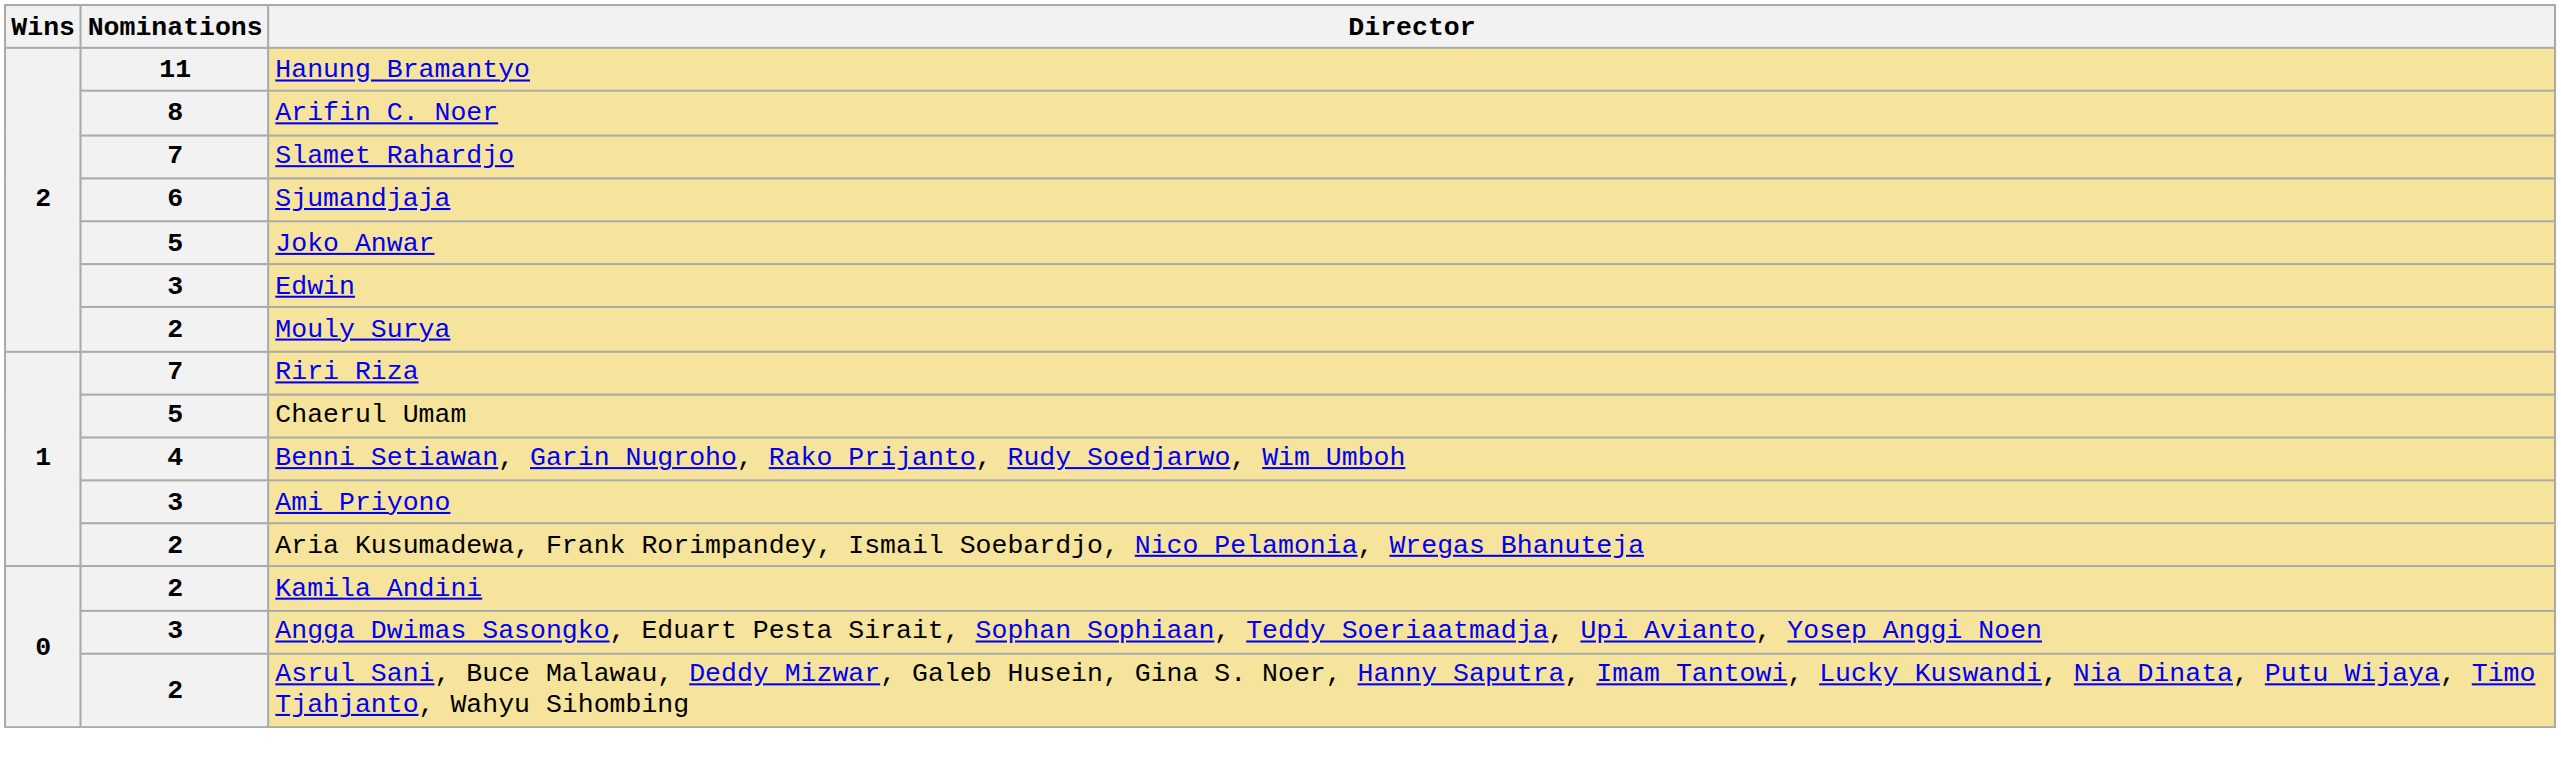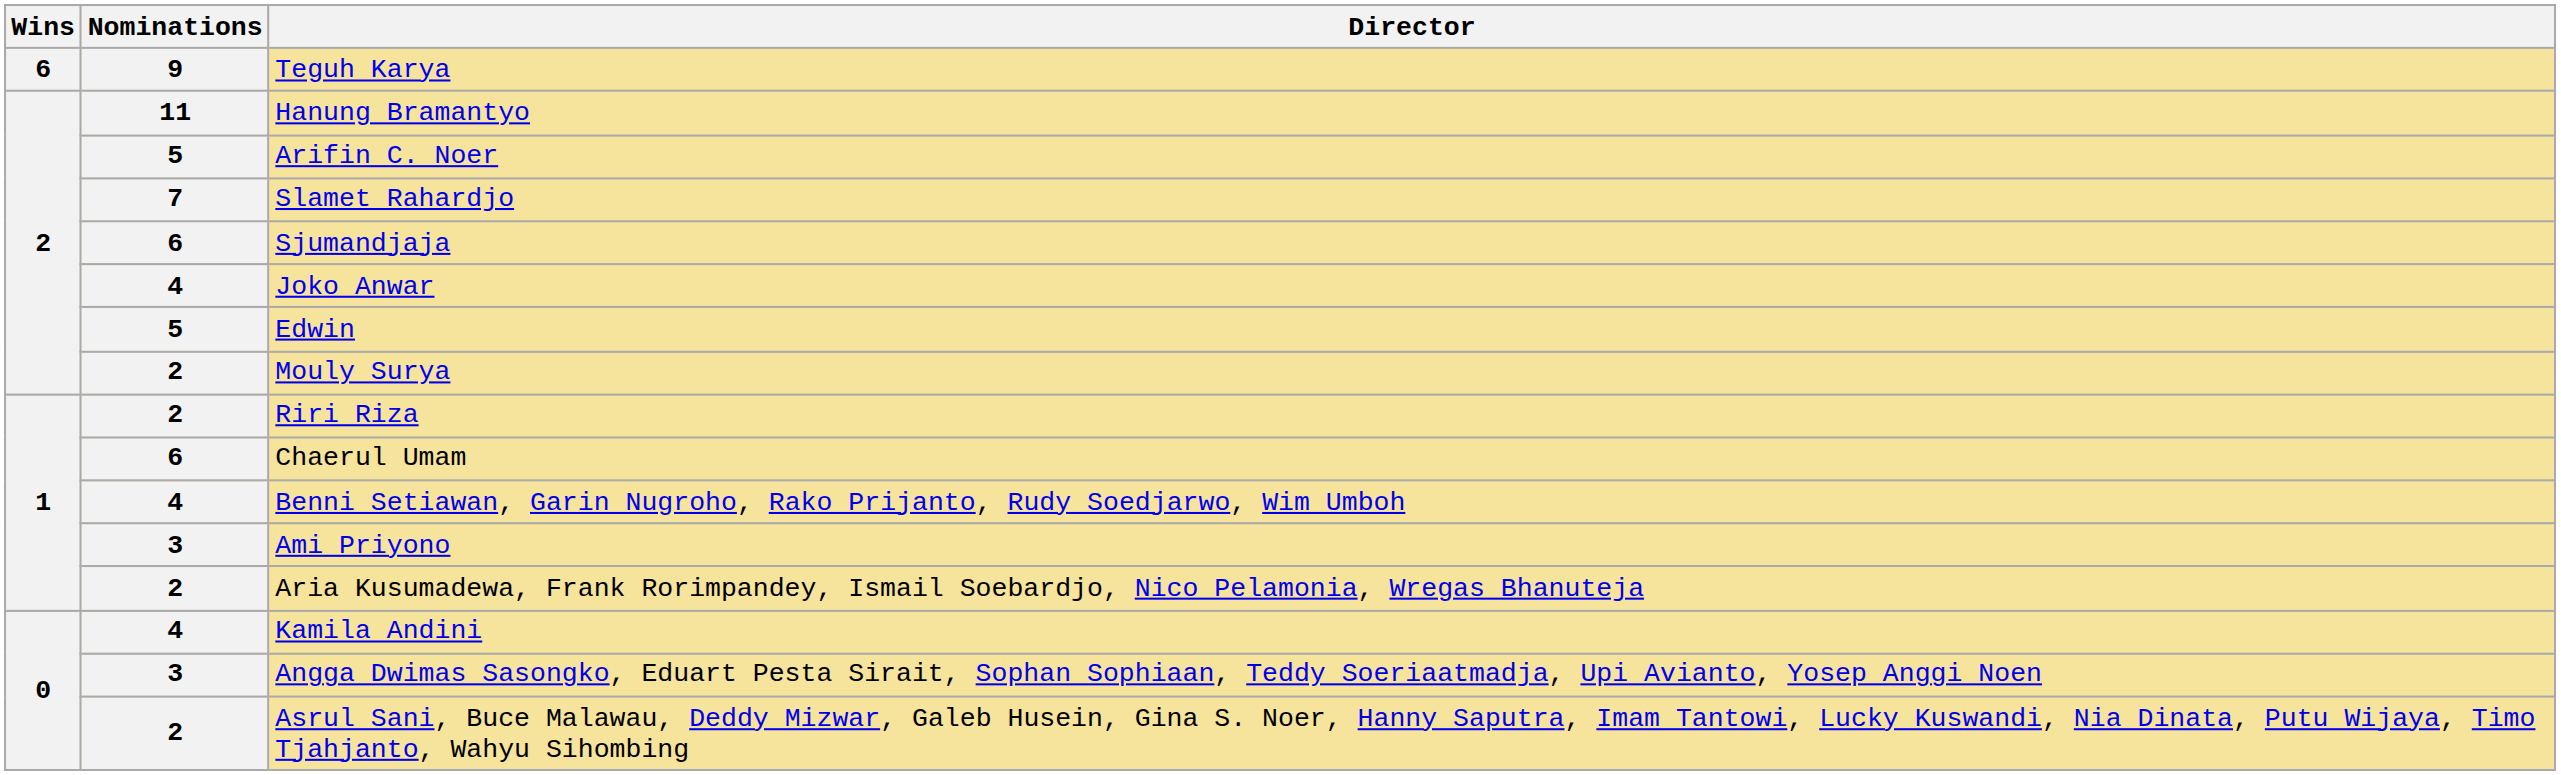 <table class="wikitable" style="text-align: left; border:1; rowspan:2; background: #f6e39c">
 <tr>
 <th>Wins</th>
 <th scope="col" width="55">Nominations</th>
 <th>Director</th>
 </tr>
 <tr>
+<th>6</th>
+<th scope="row" style="text-align:center;">9</th>
+<td><a href='#'>Teguh Karya</a></td>
+</tr>
+<tr>
 <th rowspan="7">2</th>
 <th>11</th>
 <td><a href='#'>Hanung Bramantyo</a></td>
 </tr>
 <tr>
-<th scope="row" style="text-align:center;">8</th>
+<th scope="row" style="text-align:center;">5</th>
 <td><a href='#'>Arifin C. Noer</a></td>
 </tr>
 <tr>
 <th>7</th>
 <td><a href='#'>Slamet Rahardjo</a></td>
 </tr>
 <tr>
 <th>6</th>
 <td><a href='#'>Sjumandjaja</a></td>
 </tr>
 <tr>
-<th>5</th>
+<th>4</th>
 <td><a href='#'>Joko Anwar</a></td>
 </tr>
 <tr>
-<th>3</th>
+<th>5</th>
 <td><a href='#'>Edwin</a></td>
 </tr>
 <tr>
 <th>2</th>
 <td><a href='#'>Mouly Surya</a></td>
 </tr>
 <tr>
 <th rowspan="5">1</th>
-<th>7</th>
+<th>2</th>
 <td><a href='#'>Riri Riza</a></td>
 </tr>
 <tr>
-<th>5</th>
+<th>6</th>
 <td>Chaerul Umam</td>
 </tr>
 <tr>
 <th>4</th>
 <td><a href='#'>Benni Setiawan</a>, <a href='#'>Garin Nugroho</a>, <a href='#'>Rako Prijanto</a>, <a href='#'>Rudy Soedjarwo</a>, <a href='#'>Wim Umboh</a></td>
 </tr>
 <tr>
 <th>3</th>
 <td><a href='#'>Ami Priyono</a></td>
 </tr>
 <tr>
 <th>2</th>
 <td>Aria Kusumadewa, Frank Rorimpandey, Ismail Soebardjo, <a href='#'>Nico Pelamonia</a>, <a href='#'>Wregas Bhanuteja</a></td>
 </tr>
 <tr>
 <th rowspan="3">0</th>
-<th>2</th>
+<th>4</th>
 <td><a href='#'>Kamila Andini</a></td>
 </tr>
 <tr>
 <th>3</th>
 <td><a href='#'>Angga Dwimas Sasongko</a>, Eduart Pesta Sirait, <a href='#'>Sophan Sophiaan</a>, <a href='#'>Teddy Soeriaatmadja</a>, <a href='#'>Upi Avianto</a>, <a href='#'>Yosep Anggi Noen</a></td>
 </tr>
 <tr>
 <th>2</th>
 <td><a href='#'>Asrul Sani</a>, Buce Malawau, <a href='#'>Deddy Mizwar</a>, Galeb Husein, Gina S. Noer, <a href='#'>Hanny Saputra</a>, <a href='#'>Imam Tantowi</a>, <a href='#'>Lucky Kuswandi</a>, <a href='#'>Nia Dinata</a>, <a href='#'>Putu Wijaya</a>, <a href='#'>Timo Tjahjanto</a>, Wahyu Sihombing</td>
 </tr>
 </table>
